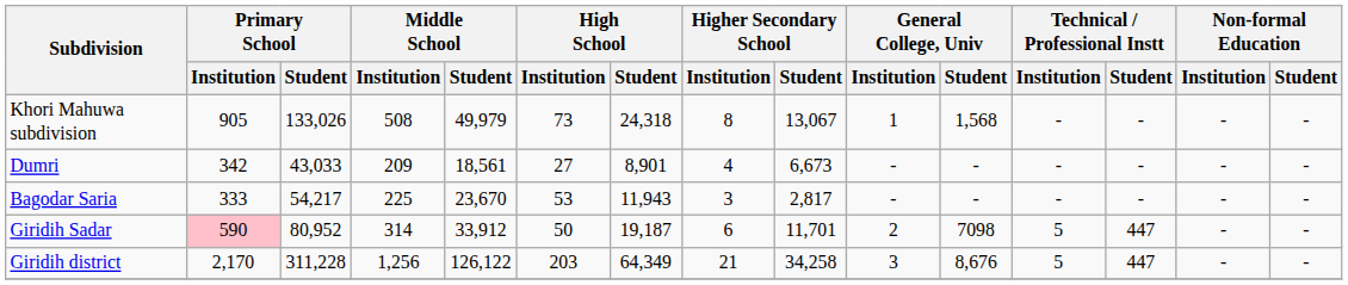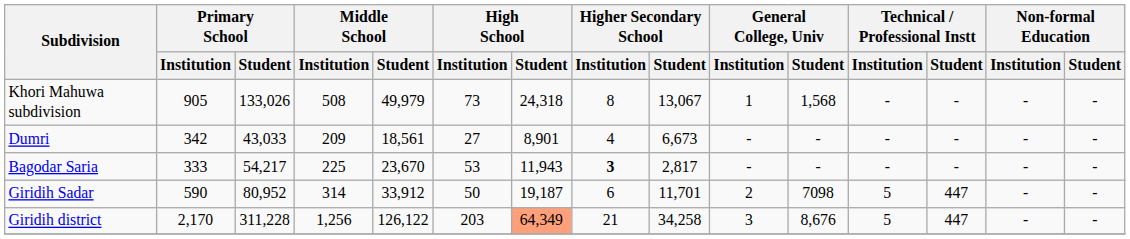 <table class="wikitable" style="text-align:center;font-size: 9pt">
 <tr>
 <th width="110" rowspan="2">Subdivision</th>
 <th colspan="2">Primary<br>School</th>
 <th colspan="2">Middle<br>School</th>
 <th colspan="2">High<br>School</th>
 <th colspan="2">Higher Secondary<br>School</th>
 <th colspan="2">General<br>College, Univ</th>
 <th colspan="2">Technical /<br>Professional Instt</th>
 <th colspan="2">Non-formal<br>Education</th>
 </tr>
 <tr>
 <th width="30">Institution</th>
 <th width="30">Student</th>
 <th width="30">Institution</th>
 <th width="30">Student</th>
 <th width="30">Institution</th>
 <th width="30">Student</th>
 <th width="30">Institution</th>
 <th width="30">Student</th>
 <th width="30">Institution</th>
 <th width="30">Student</th>
 <th width="30">Institution</th>
 <th width="30">Student</th>
 <th width="30">Institution</th>
 <th width="30">Student<br></th>
 </tr>
 <tr>
 <td align=left>Khori Mahuwa subdivision</td>
 <td align="center">905</td>
 <td align="center">133,026</td>
 <td align="center">508</td>
 <td align="center">49,979</td>
 <td align="center">73</td>
 <td align="center">24,318</td>
 <td align="center">8</td>
 <td align="center">13,067</td>
 <td align="center">1</td>
 <td align="center">1,568</td>
 <td align="center">-</td>
 <td align="center">-</td>
 <td align="center">-</td>
 <td align="center">-</td>
 </tr>
 <tr>
 <td align=left><a href='#'>Dumri</a></td>
 <td align="center">342</td>
 <td align="center">43,033</td>
 <td align="center">209</td>
 <td align="center">18,561</td>
 <td align="center">27</td>
 <td align="center">8,901</td>
 <td align="center">4</td>
 <td align="center">6,673</td>
 <td align="center">-</td>
 <td align="center">-</td>
 <td align="center">-</td>
 <td align="center">-</td>
 <td align="center">-</td>
 <td align="center">-</td>
 </tr>
 <tr>
 <td align=left><a href='#'>Bagodar Saria</a></td>
 <td align="center">333</td>
 <td align="center">54,217</td>
 <td align="center">225</td>
 <td align="center">23,670</td>
 <td align="center">53</td>
 <td align="center">11,943</td>
-<td align="center">3</td>
+<td align="center"><strong>3</strong></td>
 <td align="center">2,817</td>
 <td align="center">-</td>
 <td align="center">-</td>
 <td align="center">-</td>
 <td align="center">-</td>
 <td align="center">-</td>
 <td align="center">-</td>
 </tr>
 <tr>
 <td align=left><a href='#'>Giridih Sadar</a></td>
-<td align="center" style="background: pink;">590</td>
+<td align="center">590</td>
 <td align="center">80,952</td>
 <td align="center">314</td>
 <td align="center">33,912</td>
 <td align="center">50</td>
 <td align="center">19,187</td>
 <td align="center">6</td>
 <td align="center">11,701</td>
 <td align="center">2</td>
 <td align="center">7098</td>
 <td align="center">5</td>
 <td align="center">447</td>
 <td align="center">-</td>
 <td align="center">-</td>
 </tr>
 <tr>
 <td align=left><a href='#'>Giridih district</a></td>
 <td align="center">2,170</td>
 <td align="center">311,228</td>
 <td align="center">1,256</td>
 <td align="center">126,122</td>
 <td align="center">203</td>
-<td align="center">64,349</td>
+<td align="center" style="background: lightsalmon;">64,349</td>
 <td align="center">21</td>
 <td align="center">34,258</td>
 <td align="center">3</td>
 <td align="center">8,676</td>
 <td align="center">5</td>
 <td align="center">447</td>
 <td align="center">-</td>
 <td align="center">-</td>
 </tr>
 <tr>
 </tr>
 </table>
